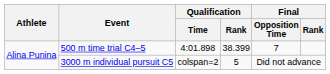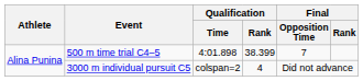 <table class=wikitable style="text-align:center; font-size:90%">
 <tr>
 <th rowspan=2>Athlete</th>
 <th rowspan=2>Event</th>
 <th colspan=2>Qualification</th>
 <th colspan=2>Final</th>
 </tr>
 <tr style="font-size:95%">
 <th>Time</th>
 <th>Rank</th>
 <th>Opposition<br>Time</th>
 <th>Rank</th>
 </tr>
 <tr>
 <td rowspan=2 align=left><a href='#'>Alina Punina</a></td>
 <td align=left><a href='#'>500 m time trial C4–5</a></td>
 <td>4:01.898</td>
 <td>38.399</td>
 <td>7</td>
 </tr>
 <tr>
 <td><a href='#'>3000 m individual pursuit C5</a></td>
 <td>colspan=2 </td>
-<td>5</td>
+<td>4</td>
 <td colspan=2>Did not advance</td>
 </tr>
 </table>
